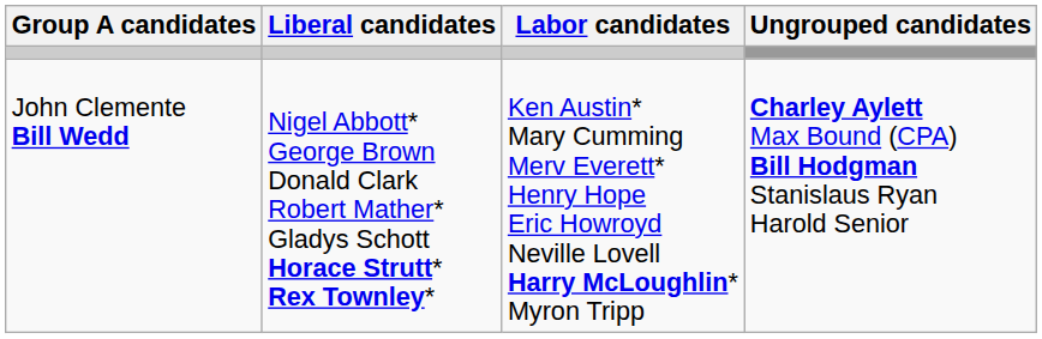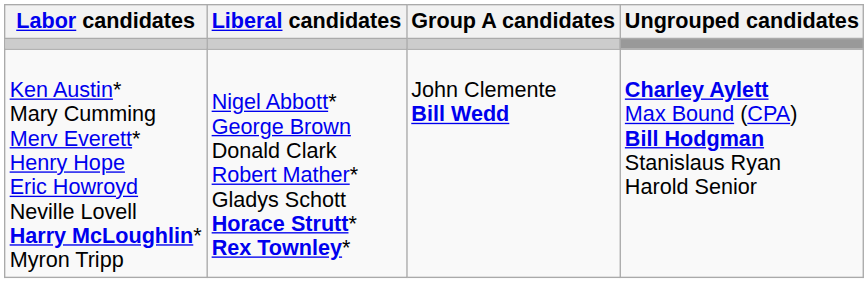 <table class="wikitable">
 <tr>
+<th><a href='#'>Labor</a> candidates</th>
+<th><a href='#'>Liberal</a> candidates</th>
 <th>Group A candidates</th>
-<th><a href='#'>Liberal</a> candidates</th>
-<th><a href='#'>Labor</a> candidates</th>
 <th>Ungrouped candidates</th>
 </tr>
 <tr bgcolor="#cccccc">
 <td></td>
 <td></td>
 <td></td>
 <td bgcolor="#999999"></td>
 </tr>
 <tr>
+<td><br><a href='#'>Ken Austin</a>*<br> Mary Cumming<br> <a href='#'>Merv Everett</a>*<br> <a href='#'>Henry Hope</a><br> <a href='#'>Eric Howroyd</a><br> Neville Lovell<br> <strong><a href='#'>Harry McLoughlin</a></strong>*<br> Myron Tripp</td>
+<td><br><a href='#'>Nigel Abbott</a>*<br> <a href='#'>George Brown</a><br> Donald Clark<br> <a href='#'>Robert Mather</a>*<br> Gladys Schott<br> <strong><a href='#'>Horace Strutt</a></strong>*<br> <strong><a href='#'>Rex Townley</a></strong>*</td>
 <td valign=top><br>John Clemente<br> <strong><a href='#'>Bill Wedd</a></strong></td>
-<td><br><a href='#'>Nigel Abbott</a>*<br> <a href='#'>George Brown</a><br> Donald Clark<br> <a href='#'>Robert Mather</a>*<br> Gladys Schott<br> <strong><a href='#'>Horace Strutt</a></strong>*<br> <strong><a href='#'>Rex Townley</a></strong>*</td>
-<td><br><a href='#'>Ken Austin</a>*<br> Mary Cumming<br> <a href='#'>Merv Everett</a>*<br> <a href='#'>Henry Hope</a><br> <a href='#'>Eric Howroyd</a><br> Neville Lovell<br> <strong><a href='#'>Harry McLoughlin</a></strong>*<br> Myron Tripp</td>
 <td valign=top><br><strong><a href='#'>Charley Aylett</a></strong><br> <a href='#'>Max Bound</a> (<a href='#'>CPA</a>)<br> <strong><a href='#'>Bill Hodgman</a></strong><br> Stanislaus Ryan<br> Harold Senior</td>
 </tr>
 </table>
